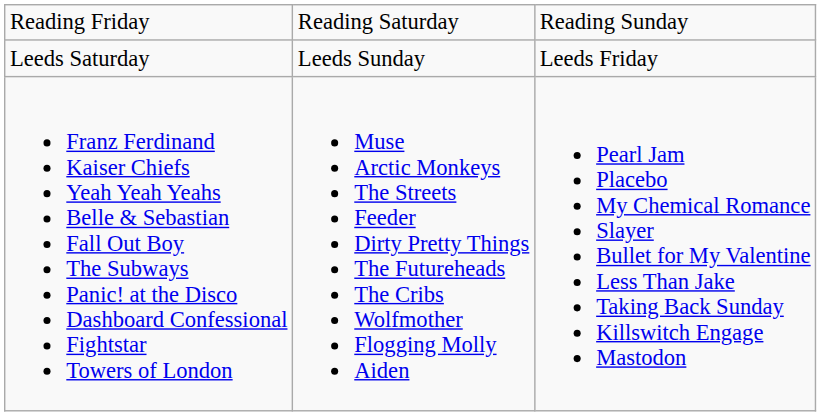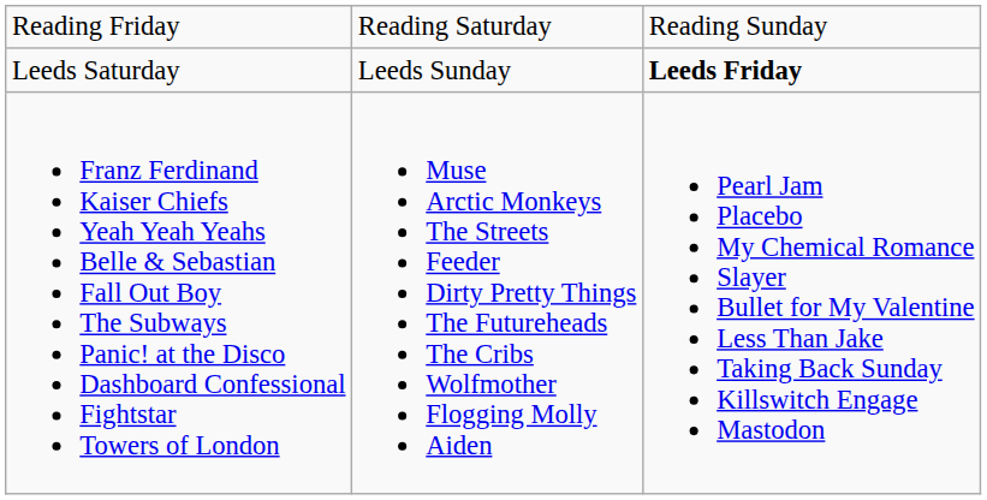 <table class="wikitable">
 <tr>
 <td>Reading Friday</td>
 <td>Reading Saturday</td>
 <td>Reading Sunday</td>
 </tr>
 <tr>
 <td>Leeds Saturday</td>
 <td>Leeds Sunday</td>
-<td>Leeds Friday</td>
+<td><strong>Leeds Friday</strong></td>
 </tr>
 <tr>
 <td><br><ul><li><a href='#'>Franz Ferdinand</a></li><li><a href='#'>Kaiser Chiefs</a></li><li><a href='#'>Yeah Yeah Yeahs</a></li><li><a href='#'>Belle & Sebastian</a></li><li><a href='#'>Fall Out Boy</a></li><li><a href='#'>The Subways</a></li><li><a href='#'>Panic! at the Disco</a></li><li><a href='#'>Dashboard Confessional</a></li><li><a href='#'>Fightstar</a></li><li><a href='#'>Towers of London</a></li></ul></td>
 <td><br><ul><li><a href='#'>Muse</a></li><li><a href='#'>Arctic Monkeys</a></li><li><a href='#'>The Streets</a></li><li><a href='#'>Feeder</a></li><li><a href='#'>Dirty Pretty Things</a></li><li><a href='#'>The Futureheads</a></li><li><a href='#'>The Cribs</a></li><li><a href='#'>Wolfmother</a></li><li><a href='#'>Flogging Molly</a></li><li><a href='#'>Aiden</a></li></ul></td>
 <td><br><ul><li><a href='#'>Pearl Jam</a></li><li><a href='#'>Placebo</a></li><li><a href='#'>My Chemical Romance</a></li><li><a href='#'>Slayer</a></li><li><a href='#'>Bullet for My Valentine</a></li><li><a href='#'>Less Than Jake</a></li><li><a href='#'>Taking Back Sunday</a></li><li><a href='#'>Killswitch Engage</a></li><li><a href='#'>Mastodon</a></li></ul></td>
 </tr>
 </table>
